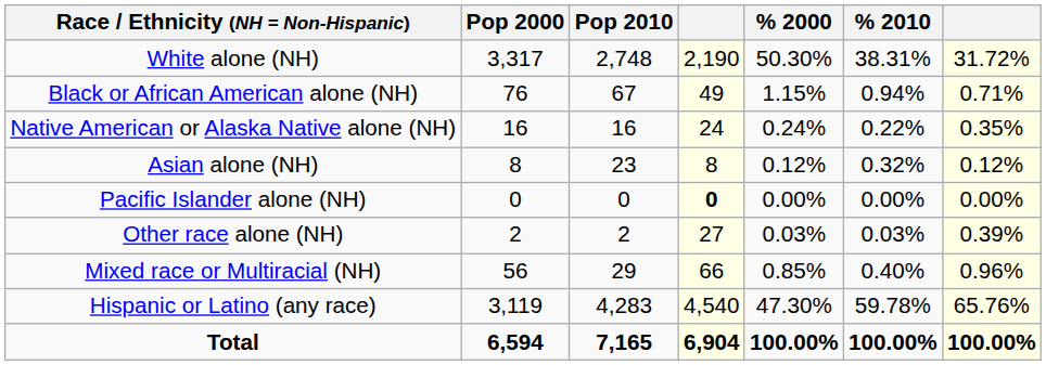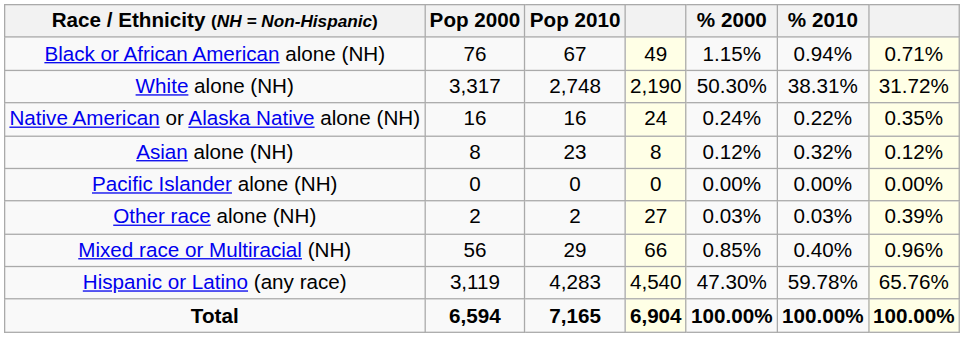 <table class="wikitable" style="text-align:center;">
 <tr>
 <th>Race / Ethnicity <small>(<em>NH = Non-Hispanic</em>)</small></th>
 <th>Pop 2000</th>
 <th>Pop 2010</th>
 <th></th>
 <th>% 2000</th>
 <th>% 2010</th>
 <th></th>
 </tr>
 <tr>
+<td><a href='#'>Black or African American</a> alone (NH)</td>
+<td>76</td>
+<td>67</td>
+<td style='background: #ffffe6;'>49</td>
+<td>1.15%</td>
+<td>0.94%</td>
+<td style='background: #ffffe6;'>0.71%</td>
+</tr>
+<tr>
 <td><a href='#'>White</a> alone (NH)</td>
 <td>3,317</td>
 <td>2,748</td>
 <td style='background: #ffffe6;'>2,190</td>
 <td>50.30%</td>
 <td>38.31%</td>
 <td style='background: #ffffe6;'>31.72%</td>
-</tr>
-<tr>
-<td><a href='#'>Black or African American</a> alone (NH)</td>
-<td>76</td>
-<td>67</td>
-<td style='background: #ffffe6;'>49</td>
-<td>1.15%</td>
-<td>0.94%</td>
-<td style='background: #ffffe6;'>0.71%</td>
 </tr>
 <tr>
 <td><a href='#'>Native American</a> or <a href='#'>Alaska Native</a> alone (NH)</td>
 <td>16</td>
 <td>16</td>
 <td style='background: #ffffe6;'>24</td>
 <td>0.24%</td>
 <td>0.22%</td>
 <td style='background: #ffffe6;'>0.35%</td>
 </tr>
 <tr>
 <td><a href='#'>Asian</a> alone (NH)</td>
 <td>8</td>
 <td>23</td>
 <td style='background: #ffffe6;'>8</td>
 <td>0.12%</td>
 <td>0.32%</td>
 <td style='background: #ffffe6;'>0.12%</td>
 </tr>
 <tr>
 <td><a href='#'>Pacific Islander</a> alone (NH)</td>
 <td>0</td>
 <td>0</td>
-<td style='background: #ffffe6;'><strong>0</strong></td>
+<td style='background: #ffffe6;'>0</td>
 <td>0.00%</td>
 <td>0.00%</td>
 <td style='background: #ffffe6;'>0.00%</td>
 </tr>
 <tr>
 <td><a href='#'>Other race</a> alone (NH)</td>
 <td>2</td>
 <td>2</td>
 <td style='background: #ffffe6;'>27</td>
 <td>0.03%</td>
 <td>0.03%</td>
 <td style='background: #ffffe6;'>0.39%</td>
 </tr>
 <tr>
 <td><a href='#'>Mixed race or Multiracial</a> (NH)</td>
 <td>56</td>
 <td>29</td>
 <td style='background: #ffffe6;'>66</td>
 <td>0.85%</td>
 <td>0.40%</td>
 <td style='background: #ffffe6;'>0.96%</td>
 </tr>
 <tr>
 <td><a href='#'>Hispanic or Latino</a> (any race)</td>
 <td>3,119</td>
 <td>4,283</td>
 <td style='background: #ffffe6;'>4,540</td>
 <td>47.30%</td>
 <td>59.78%</td>
 <td style='background: #ffffe6;'>65.76%</td>
 </tr>
 <tr>
 <td><strong>Total</strong></td>
 <td><strong>6,594</strong></td>
 <td><strong>7,165</strong></td>
 <td style='background: #ffffe6;'><strong>6,904</strong></td>
 <td><strong>100.00%</strong></td>
 <td><strong>100.00%</strong></td>
 <td style='background: #ffffe6;'><strong>100.00%</strong></td>
 </tr>
 </table>
